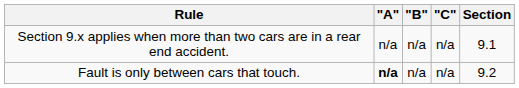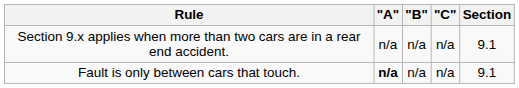 <table class="wikitable">
 <tr>
 <th style="text-align: center;">Rule</th>
 <th style="text-align: center;">"A"</th>
 <th style="text-align: center;">"B"</th>
 <th style="text-align: center;">"C"</th>
 <th style="text-align: center;">Section</th>
 </tr>
 <tr>
 <td style="text-align: center;">Section 9.x applies when more than two cars are in a rear end accident.</td>
 <td style="text-align: center;">n/a</td>
 <td style="text-align: center;">n/a</td>
 <td style="text-align: center;">n/a</td>
 <td style="text-align: center;">9.1</td>
 </tr>
 <tr>
 <td style="text-align: center;">Fault is only between cars that touch.</td>
 <td style="text-align: center;"><strong>n/a</strong></td>
 <td style="text-align: center;">n/a</td>
 <td style="text-align: center;">n/a</td>
-<td style="text-align: center;">9.2</td>
+<td style="text-align: center;">9.1</td>
 </tr>
 </table>
